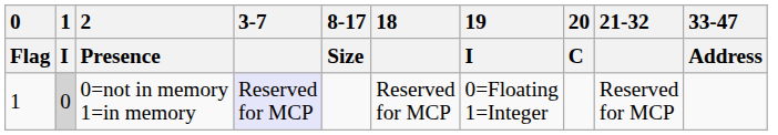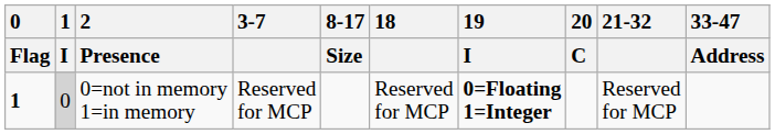 <table class="wikitable">
 <tr>
 <th scope="col" style="text-align: left;">0</th>
 <th scope="col" style="text-align: left;">1</th>
 <th scope="col" style="text-align: left;">2</th>
 <th scope="col" style="text-align: left;">3-7</th>
 <th scope="col" style="text-align: left;">8-17</th>
 <th scope="col" style="text-align: left;">18</th>
 <th scope="col" style="text-align: left;">19</th>
 <th scope="col" style="text-align: left;">20</th>
 <th scope="col" style="text-align: left;">21-32</th>
 <th scope="col" style="text-align: left;">33-47</th>
 </tr>
 <tr>
 <th scope="col" style="text-align: left;">Flag</th>
 <th scope="col" style="text-align: left;">I</th>
 <th scope="col" style="text-align: left;">Presence</th>
 <th scope="col" style="text-align: left;"></th>
 <th scope="col" style="text-align: left;">Size</th>
 <th scope="col" style="text-align: left;"></th>
 <th scope="col" style="text-align: left;">I</th>
 <th scope="col" style="text-align: left;">C</th>
 <th scope="col" style="text-align: left;"></th>
 <th scope="col" style="text-align: left;">Address</th>
 </tr>
 <tr>
-<td scope="col" style="text-align: left;">1</td>
+<td scope="col" style="text-align: left;"><strong>1</strong></td>
 <td scope="col" style="background: lightgrey; text-align: left;">0</td>
 <td scope="col" style="text-align: left;">0=not in memory<br>1=in memory</td>
-<td scope="col" style="background: lavender; text-align: left;">Reserved<br>for MCP</td>
+<td scope="col" style="text-align: left;">Reserved<br>for MCP</td>
 <td scope="col" style="text-align: left;"></td>
 <td scope="col" style="text-align: left;">Reserved<br>for MCP</td>
-<td scope="col" style="text-align: left;">0=Floating<br>1=Integer</td>
+<td scope="col" style="text-align: left;"><strong>0=Floating<br>1=Integer</strong></td>
 <td scope="col" style="text-align: left;"></td>
 <td scope="col" style="text-align: left;">Reserved<br>for MCP</td>
 </tr>
 </table>
